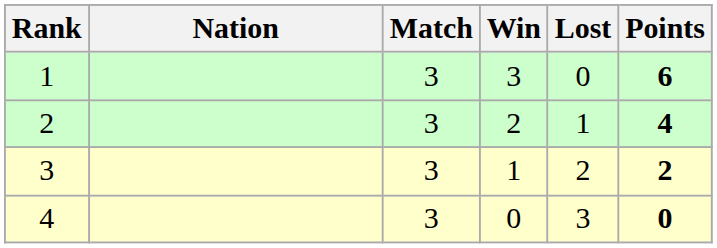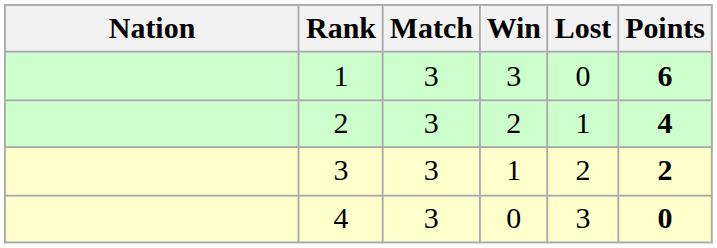 <table class="wikitable" style="text-align: center;">
 <tr>
+<th width=150>Nation</th>
 <th width=20>Rank</th>
-<th width=150>Nation</th>
 <th width=20>Match</th>
 <th width=20>Win</th>
 <th width=20>Lost</th>
 <th width=20>Points</th>
 </tr>
 <tr style="background:#cfc;">
+<td style="text-align:left;"></td>
 <td>1</td>
-<td style="text-align:left;"></td>
 <td>3</td>
 <td>3</td>
 <td>0</td>
 <td><strong>6</strong></td>
 </tr>
 <tr style="background:#cfc;">
+<td style="text-align:left;"></td>
 <td>2</td>
-<td style="text-align:left;"></td>
 <td>3</td>
 <td>2</td>
 <td>1</td>
 <td><strong>4</strong></td>
 </tr>
 <tr style="background:#ffc;">
+<td style="text-align:left;"></td>
 <td>3</td>
-<td style="text-align:left;"></td>
 <td>3</td>
 <td>1</td>
 <td>2</td>
 <td><strong>2</strong></td>
 </tr>
 <tr style="background:#ffc;">
+<td style="text-align:left;"></td>
 <td>4</td>
-<td style="text-align:left;"></td>
 <td>3</td>
 <td>0</td>
 <td>3</td>
 <td><strong>0</strong></td>
 </tr>
 </table>
